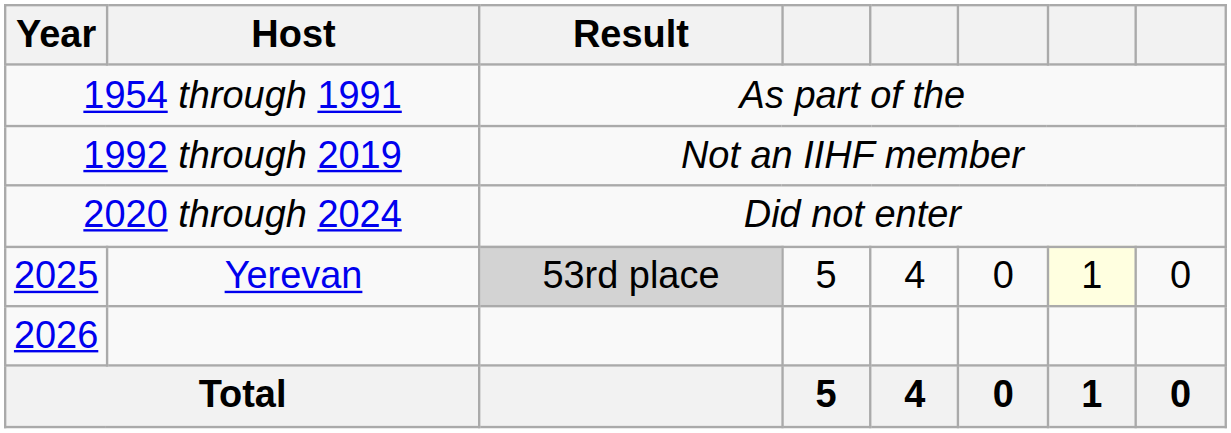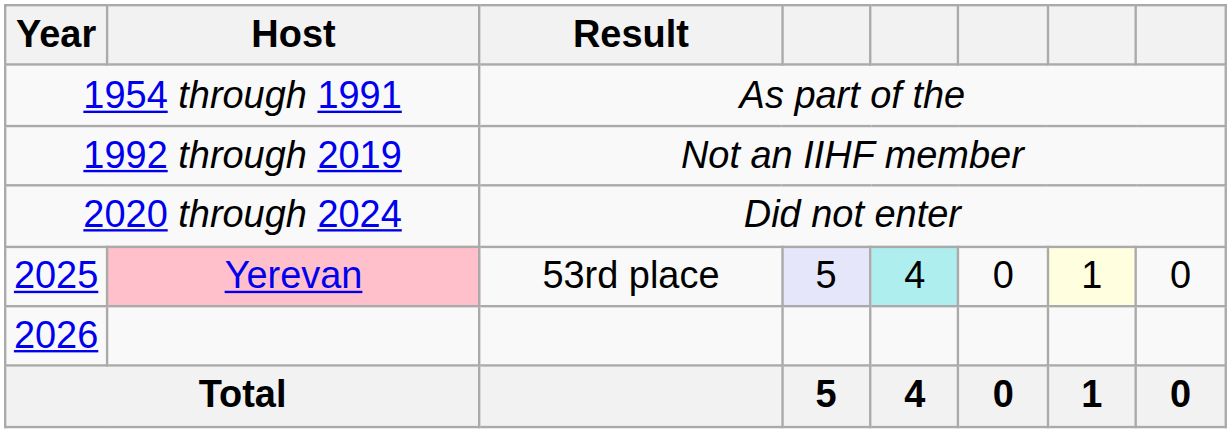 <table class="wikitable" style="text-align:center">
 <tr>
 <th width=30>Year</th>
 <th width=150>Host</th>
 <th width=120>Result</th>
 <th width=30></th>
 <th width=30></th>
 <th width=30></th>
 <th width=30></th>
 <th width=30></th>
 </tr>
 <tr>
 <td colspan=2><a href='#'>1954</a> <em>through</em> <a href='#'>1991</a></td>
 <td colspan=6><em>As part of the </em></td>
 </tr>
 <tr>
 <td colspan=2><a href='#'>1992</a> <em>through</em> <a href='#'>2019</a></td>
 <td colspan=6><em>Not an IIHF member</em></td>
 </tr>
 <tr>
 <td colspan=2><a href='#'>2020</a> <em>through</em> <a href='#'>2024</a></td>
 <td colspan=6><em>Did not enter</em></td>
 </tr>
 <tr>
 <td><a href='#'>2025</a></td>
-<td> <a href='#'>Yerevan</a></td>
-<td style="background: lightgrey;">53rd place<br></td>
-<td>5</td>
-<td>4</td>
+<td style="background: pink;"> <a href='#'>Yerevan</a></td>
+<td>53rd place<br></td>
+<td style="background: lavender;">5</td>
+<td style="background: paleturquoise;">4</td>
 <td>0</td>
 <td style="background: lightyellow;">1</td>
 <td>0</td>
 </tr>
 <tr>
 <td><a href='#'>2026</a></td>
 <td></td>
 <td><br></td>
 <td></td>
 <td></td>
 <td></td>
 <td></td>
 <td></td>
 </tr>
 <tr>
 <th colspan=2>Total</th>
 <th></th>
 <th>5</th>
 <th>4</th>
 <th>0</th>
 <th>1</th>
 <th>0</th>
 </tr>
 </table>
